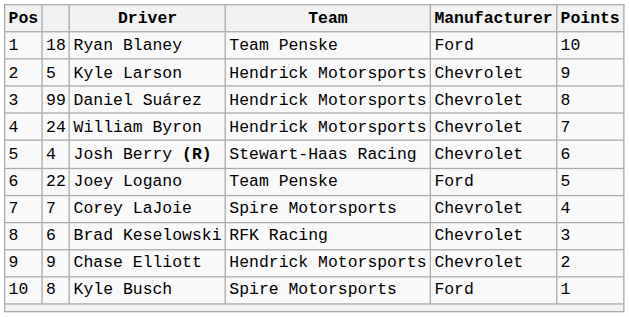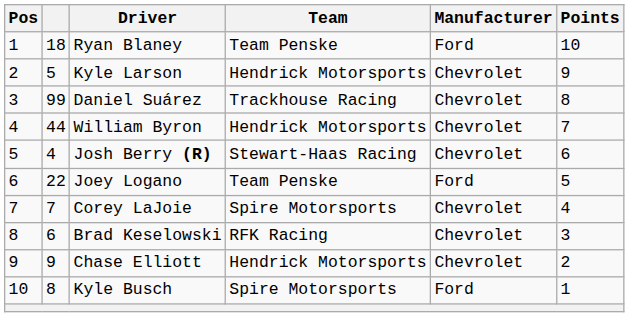 <table class="wikitable" style="font-size:98%">
 <tr>
 <th>Pos</th>
 <th></th>
 <th>Driver</th>
 <th>Team</th>
 <th>Manufacturer</th>
 <th>Points</th>
 </tr>
 <tr>
 <td>1</td>
 <td>18</td>
 <td>Ryan Blaney</td>
 <td>Team Penske</td>
 <td>Ford</td>
 <td>10</td>
 </tr>
 <tr>
 <td>2</td>
 <td>5</td>
 <td>Kyle Larson</td>
 <td>Hendrick Motorsports</td>
 <td>Chevrolet</td>
 <td>9</td>
 </tr>
 <tr>
 <td>3</td>
 <td>99</td>
 <td>Daniel Suárez</td>
-<td>Hendrick Motorsports</td>
+<td>Trackhouse Racing</td>
 <td>Chevrolet</td>
 <td>8</td>
 </tr>
 <tr>
 <td>4</td>
-<td>24</td>
+<td>44</td>
 <td>William Byron</td>
 <td>Hendrick Motorsports</td>
 <td>Chevrolet</td>
 <td>7</td>
 </tr>
 <tr>
 <td>5</td>
 <td>4</td>
 <td>Josh Berry <strong>(R)</strong></td>
 <td>Stewart-Haas Racing</td>
 <td>Chevrolet</td>
 <td>6</td>
 </tr>
 <tr>
 <td>6</td>
 <td>22</td>
 <td>Joey Logano</td>
 <td>Team Penske</td>
 <td>Ford</td>
 <td>5</td>
 </tr>
 <tr>
 <td>7</td>
 <td>7</td>
 <td>Corey LaJoie</td>
 <td>Spire Motorsports</td>
 <td>Chevrolet</td>
 <td>4</td>
 </tr>
 <tr>
 <td>8</td>
 <td>6</td>
 <td>Brad Keselowski</td>
 <td>RFK Racing</td>
 <td>Chevrolet</td>
 <td>3</td>
 </tr>
 <tr>
 <td>9</td>
 <td>9</td>
 <td>Chase Elliott</td>
 <td>Hendrick Motorsports</td>
 <td>Chevrolet</td>
 <td>2</td>
 </tr>
 <tr>
 <td>10</td>
 <td>8</td>
 <td>Kyle Busch</td>
 <td>Spire Motorsports</td>
 <td>Ford</td>
 <td>1</td>
 </tr>
 <tr>
 <th colspan="6"></th>
 </tr>
 </table>
